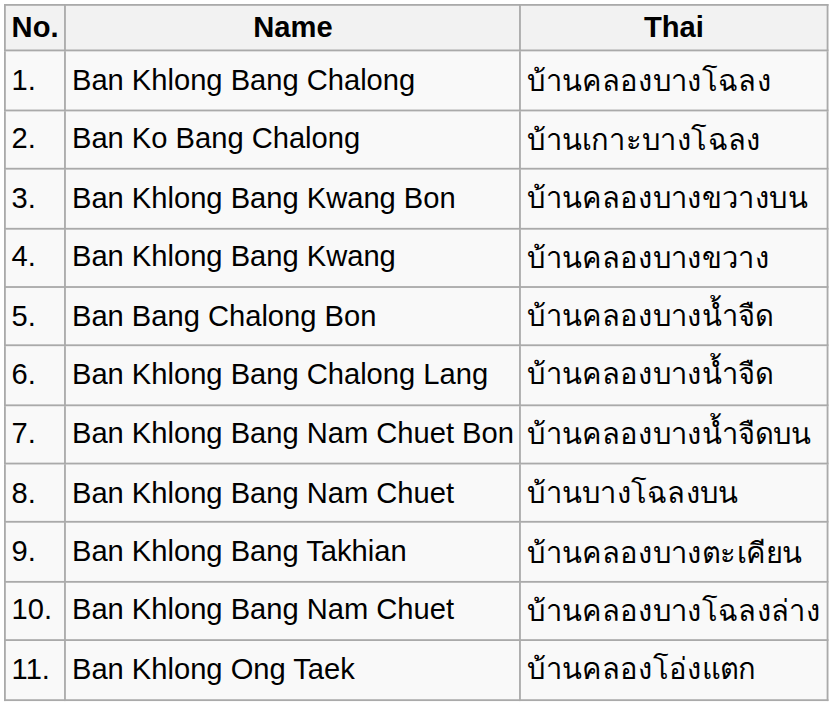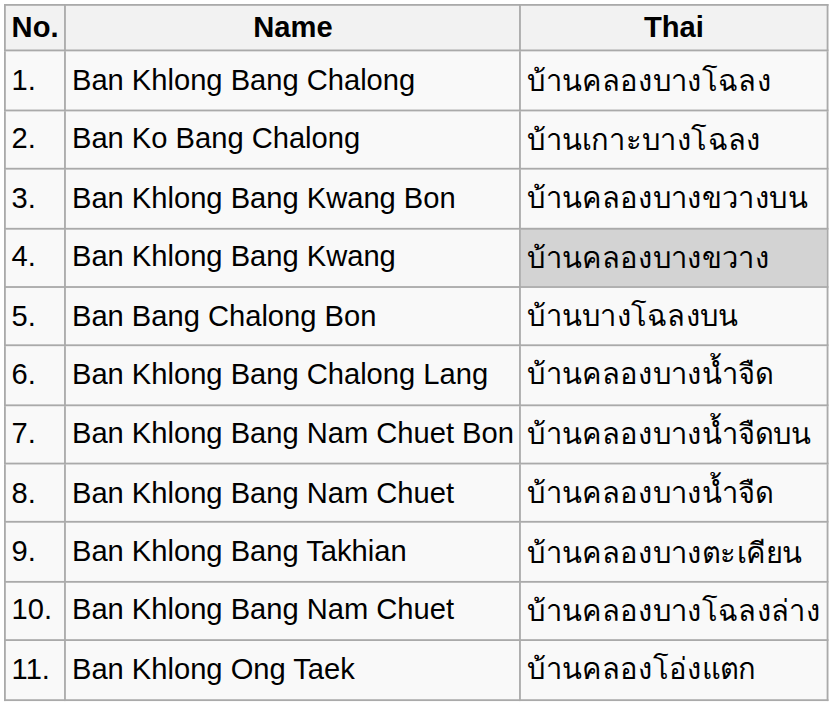 <table class="wikitable sortable">
 <tr>
 <th>No.</th>
 <th>Name</th>
 <th>Thai</th>
 </tr>
 <tr>
 <td>1.</td>
 <td>Ban Khlong Bang Chalong</td>
 <td>บ้านคลองบางโฉลง</td>
 </tr>
 <tr>
 <td>2.</td>
 <td>Ban Ko Bang Chalong</td>
 <td>บ้านเกาะบางโฉลง</td>
 </tr>
 <tr>
 <td>3.</td>
 <td>Ban Khlong Bang Kwang Bon</td>
 <td>บ้านคลองบางขวางบน</td>
 </tr>
 <tr>
 <td>4.</td>
 <td>Ban Khlong Bang Kwang</td>
-<td>บ้านคลองบางขวาง</td>
+<td style="background: lightgrey;">บ้านคลองบางขวาง</td>
 </tr>
 <tr>
 <td>5.</td>
 <td>Ban Bang Chalong Bon</td>
-<td>บ้านคลองบางน้ำจืด</td>
+<td>บ้านบางโฉลงบน</td>
 </tr>
 <tr>
 <td>6.</td>
 <td>Ban Khlong Bang Chalong Lang</td>
 <td>บ้านคลองบางน้ำจืด</td>
 </tr>
 <tr>
 <td>7.</td>
 <td>Ban Khlong Bang Nam Chuet Bon</td>
 <td>บ้านคลองบางน้ำจืดบน</td>
 </tr>
 <tr>
 <td>8.</td>
 <td>Ban Khlong Bang Nam Chuet</td>
-<td>บ้านบางโฉลงบน</td>
+<td>บ้านคลองบางน้ำจืด</td>
 </tr>
 <tr>
 <td>9.</td>
 <td>Ban Khlong Bang Takhian</td>
 <td>บ้านคลองบางตะเคียน</td>
 </tr>
 <tr>
 <td>10.</td>
 <td>Ban Khlong Bang Nam Chuet</td>
 <td>บ้านคลองบางโฉลงล่าง</td>
 </tr>
 <tr>
 <td>11.</td>
 <td>Ban Khlong Ong Taek</td>
 <td>บ้านคลองโอ่งแตก</td>
 </tr>
 </table>
